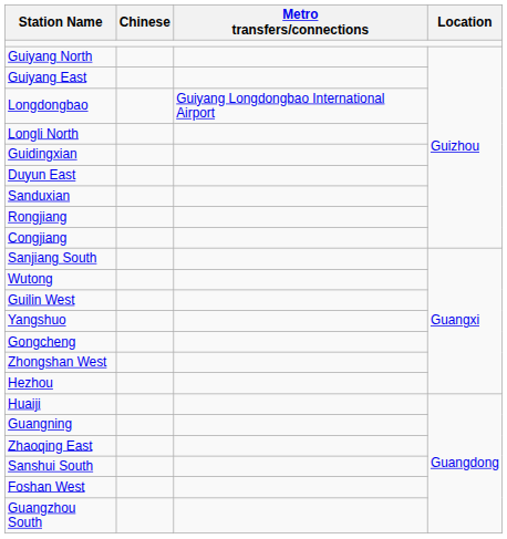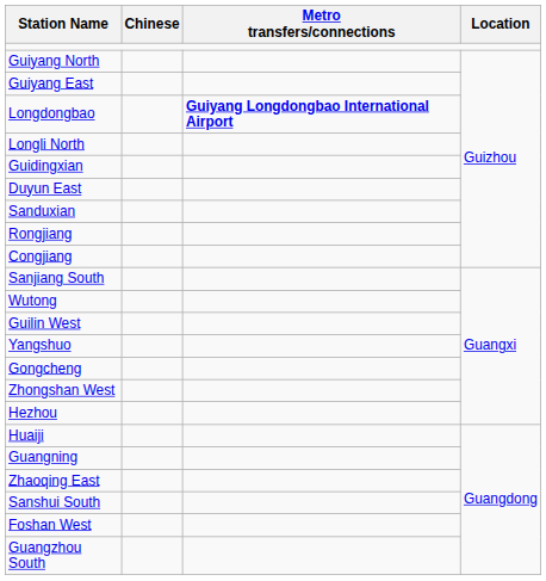 <table class="wikitable">
 <tr>
 <th>Station Name</th>
 <th>Chinese<br> </th>
 <th><a href='#'>Metro</a><br>transfers/connections</th>
 <th>Location</th>
 </tr>
 <tr style="background:#">
 <td colspan = "11"></td>
 </tr>
 <tr>
 <td><a href='#'>Guiyang North</a></td>
 <td></td>
 <td> </td>
 <td rowspan="9"><a href='#'>Guizhou</a></td>
 </tr>
 <tr>
 <td><a href='#'>Guiyang East</a></td>
 <td></td>
 <td></td>
 </tr>
 <tr>
 <td><a href='#'>Longdongbao</a></td>
 <td></td>
-<td><a href='#'>Guiyang Longdongbao International Airport</a><br> </td>
+<td><strong><a href='#'>Guiyang Longdongbao International Airport</a><br> </strong></td>
 </tr>
 <tr>
 <td><a href='#'>Longli North</a></td>
 <td></td>
 <td></td>
 </tr>
 <tr>
 <td><a href='#'>Guidingxian</a></td>
 <td></td>
 <td></td>
 </tr>
 <tr>
 <td><a href='#'>Duyun East</a></td>
 <td></td>
 <td></td>
 </tr>
 <tr>
 <td><a href='#'>Sanduxian</a></td>
 <td></td>
 <td></td>
 </tr>
 <tr>
 <td><a href='#'>Rongjiang</a></td>
 <td></td>
 <td></td>
 </tr>
 <tr>
 <td><a href='#'>Congjiang</a></td>
 <td></td>
 <td></td>
 </tr>
 <tr>
 <td><a href='#'>Sanjiang South</a></td>
 <td></td>
 <td></td>
 <td rowspan="7"><a href='#'>Guangxi</a></td>
 </tr>
 <tr>
 <td><a href='#'>Wutong</a></td>
 <td></td>
 <td></td>
 </tr>
 <tr>
 <td><a href='#'>Guilin West</a></td>
 <td></td>
 <td></td>
 </tr>
 <tr>
 <td><a href='#'>Yangshuo</a></td>
 <td></td>
 <td></td>
 </tr>
 <tr>
 <td><a href='#'>Gongcheng</a></td>
 <td></td>
 <td></td>
 </tr>
 <tr>
 <td><a href='#'>Zhongshan West</a></td>
 <td></td>
 <td></td>
 </tr>
 <tr>
 <td><a href='#'>Hezhou</a></td>
 <td></td>
 <td></td>
 </tr>
 <tr>
 <td><a href='#'>Huaiji</a></td>
 <td></td>
 <td></td>
 <td rowspan="6"><a href='#'>Guangdong</a></td>
 </tr>
 <tr>
 <td><a href='#'>Guangning</a></td>
 <td></td>
 <td></td>
 </tr>
 <tr>
 <td><a href='#'>Zhaoqing East</a></td>
 <td></td>
 <td></td>
 </tr>
 <tr>
 <td><a href='#'>Sanshui South</a></td>
 <td></td>
 <td></td>
 </tr>
 <tr>
 <td><a href='#'>Foshan West</a></td>
 <td></td>
 <td></td>
 </tr>
 <tr>
 <td><a href='#'>Guangzhou South</a></td>
 <td></td>
 <td>   <br> </td>
 </tr>
 </table>
